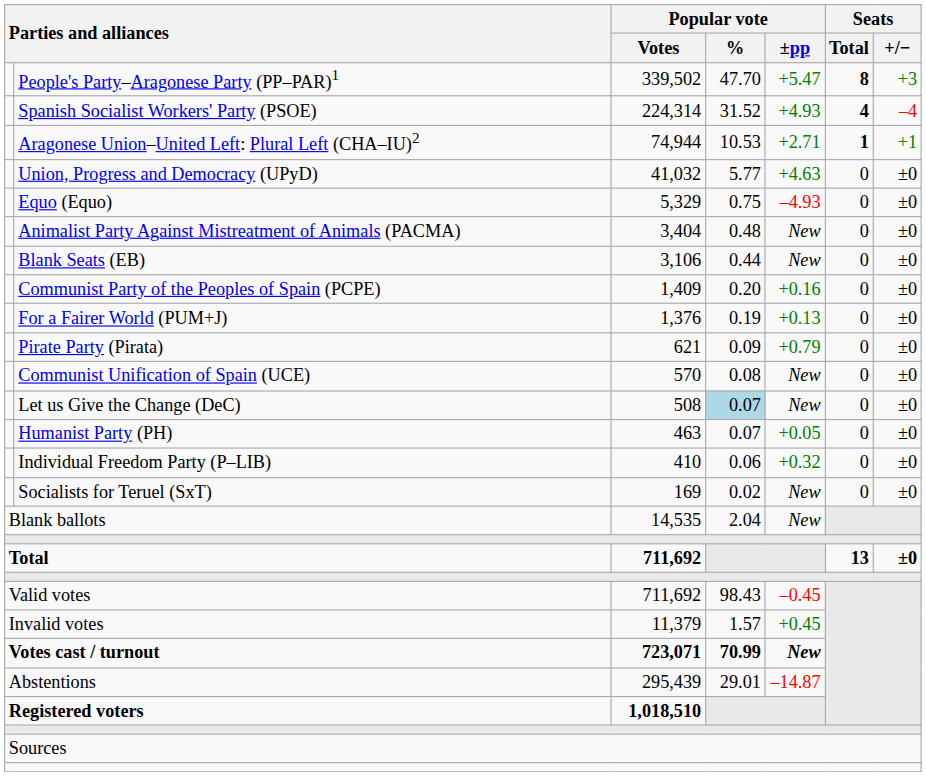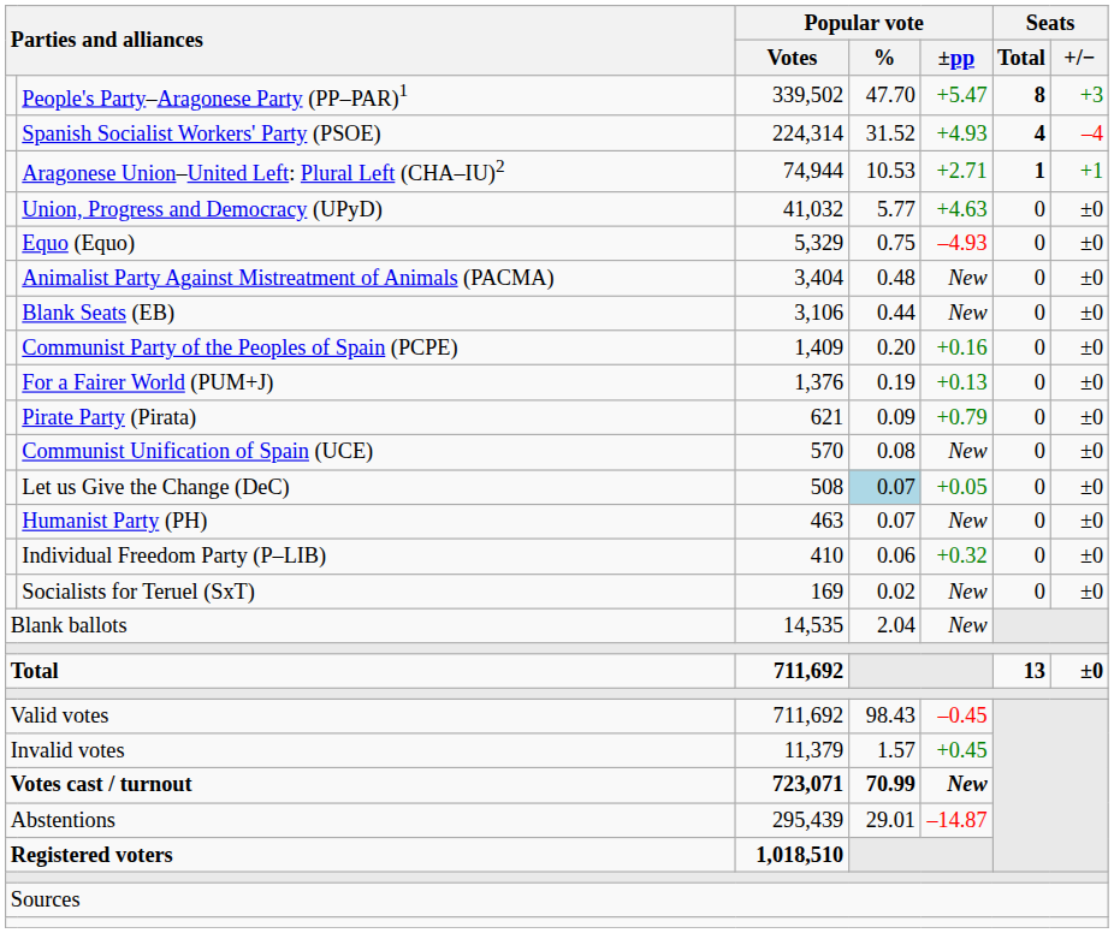 <table class="wikitable" style="text-align:right;">
 <tr>
 <th style="text-align:left;" rowspan="2" colspan="2" width="525">Parties and alliances</th>
 <th colspan="3">Popular vote</th>
 <th colspan="2">Seats</th>
 </tr>
 <tr>
 <th width="75">Votes</th>
 <th width="45">%</th>
 <th width="45">±<a href='#'>pp</a></th>
 <th width="35">Total</th>
 <th width="35">+/−</th>
 </tr>
 <tr>
 <td width="1" style="color:inherit;background:"></td>
 <td align="left"><a href='#'>People's Party</a>–<a href='#'>Aragonese Party</a> (PP–PAR)<sup>1</sup></td>
 <td>339,502</td>
 <td>47.70</td>
 <td style="color:green;">+5.47</td>
 <td><strong>8</strong></td>
 <td style="color:green;">+3</td>
 </tr>
 <tr>
 <td style="color:inherit;background:"></td>
 <td align="left"><a href='#'>Spanish Socialist Workers' Party</a> (PSOE)</td>
 <td>224,314</td>
 <td>31.52</td>
 <td style="color:green;">+4.93</td>
 <td><strong>4</strong></td>
 <td style="color:red;">–4</td>
 </tr>
 <tr>
 <td style="color:inherit;background:"></td>
 <td align="left"><a href='#'>Aragonese Union</a>–<a href='#'>United Left</a>: <a href='#'>Plural Left</a> (CHA–IU)<sup>2</sup></td>
 <td>74,944</td>
 <td>10.53</td>
 <td style="color:green;">+2.71</td>
 <td><strong>1</strong></td>
 <td style="color:green;">+1</td>
 </tr>
 <tr>
 <td style="color:inherit;background:"></td>
 <td align="left"><a href='#'>Union, Progress and Democracy</a> (UPyD)</td>
 <td>41,032</td>
 <td>5.77</td>
 <td style="color:green;">+4.63</td>
 <td>0</td>
 <td>±0</td>
 </tr>
 <tr>
 <td style="color:inherit;background:"></td>
 <td align="left"><a href='#'>Equo</a> (Equo)</td>
 <td>5,329</td>
 <td>0.75</td>
 <td style="color:red;">–4.93</td>
 <td>0</td>
 <td>±0</td>
 </tr>
 <tr>
 <td style="color:inherit;background:"></td>
 <td align="left"><a href='#'>Animalist Party Against Mistreatment of Animals</a> (PACMA)</td>
 <td>3,404</td>
 <td>0.48</td>
 <td><em>New</em></td>
 <td>0</td>
 <td>±0</td>
 </tr>
 <tr>
 <td style="color:inherit;background:"></td>
 <td align="left"><a href='#'>Blank Seats</a> (EB)</td>
 <td>3,106</td>
 <td>0.44</td>
 <td><em>New</em></td>
 <td>0</td>
 <td>±0</td>
 </tr>
 <tr>
 <td style="color:inherit;background:"></td>
 <td align="left"><a href='#'>Communist Party of the Peoples of Spain</a> (PCPE)</td>
 <td>1,409</td>
 <td>0.20</td>
 <td style="color:green;">+0.16</td>
 <td>0</td>
 <td>±0</td>
 </tr>
 <tr>
 <td style="color:inherit;background:"></td>
 <td align="left"><a href='#'>For a Fairer World</a> (PUM+J)</td>
 <td>1,376</td>
 <td>0.19</td>
 <td style="color:green;">+0.13</td>
 <td>0</td>
 <td>±0</td>
 </tr>
 <tr>
 <td style="color:inherit;background:"></td>
 <td align="left"><a href='#'>Pirate Party</a> (Pirata)</td>
 <td>621</td>
 <td>0.09</td>
 <td style="color:green;">+0.79</td>
 <td>0</td>
 <td>±0</td>
 </tr>
 <tr>
 <td style="color:inherit;background:"></td>
 <td align="left"><a href='#'>Communist Unification of Spain</a> (UCE)</td>
 <td>570</td>
 <td>0.08</td>
 <td><em>New</em></td>
 <td>0</td>
 <td>±0</td>
 </tr>
 <tr>
 <td style="color:inherit;background:"></td>
 <td align="left">Let us Give the Change (DeC)</td>
 <td>508</td>
 <td style="background: lightblue;">0.07</td>
-<td><em>New</em></td>
+<td style="color:green;">+0.05</td>
 <td>0</td>
 <td>±0</td>
 </tr>
 <tr>
 <td style="color:inherit;background:"></td>
 <td align="left"><a href='#'>Humanist Party</a> (PH)</td>
 <td>463</td>
 <td>0.07</td>
-<td style="color:green;">+0.05</td>
+<td><em>New</em></td>
 <td>0</td>
 <td>±0</td>
 </tr>
 <tr>
 <td style="color:inherit;background:"></td>
 <td align="left">Individual Freedom Party (P–LIB)</td>
 <td>410</td>
 <td>0.06</td>
 <td style="color:green;">+0.32</td>
 <td>0</td>
 <td>±0</td>
 </tr>
 <tr>
 <td style="color:inherit;background:"></td>
 <td align="left">Socialists for Teruel (SxT)</td>
 <td>169</td>
 <td>0.02</td>
 <td><em>New</em></td>
 <td>0</td>
 <td>±0</td>
 </tr>
 <tr>
 <td align="left" colspan="2">Blank ballots</td>
 <td>14,535</td>
 <td>2.04</td>
 <td><em>New</em></td>
 <td bgcolor="#E9E9E9" colspan="2"></td>
 </tr>
 <tr>
 <td colspan="7" bgcolor="#E9E9E9"></td>
 </tr>
 <tr style="font-weight:bold;">
 <td align="left" colspan="2">Total</td>
 <td>711,692</td>
 <td bgcolor="#E9E9E9" colspan="2"></td>
 <td>13</td>
 <td>±0</td>
 </tr>
 <tr>
 <td colspan="7" bgcolor="#E9E9E9"></td>
 </tr>
 <tr>
 <td align="left" colspan="2">Valid votes</td>
 <td>711,692</td>
 <td>98.43</td>
 <td style="color:red;">–0.45</td>
 <td bgcolor="#E9E9E9" colspan="2" rowspan="5"></td>
 </tr>
 <tr>
 <td align="left" colspan="2">Invalid votes</td>
 <td>11,379</td>
 <td>1.57</td>
 <td style="color:green;">+0.45</td>
 </tr>
 <tr style="font-weight:bold;">
 <td align="left" colspan="2">Votes cast / turnout</td>
 <td>723,071</td>
 <td>70.99</td>
 <td><em>New</em></td>
 </tr>
 <tr>
 <td align="left" colspan="2">Abstentions</td>
 <td>295,439</td>
 <td>29.01</td>
 <td style="color:red;">–14.87</td>
 </tr>
 <tr style="font-weight:bold;">
 <td align="left" colspan="2">Registered voters</td>
 <td>1,018,510</td>
 <td bgcolor="#E9E9E9" colspan="2"></td>
 </tr>
 <tr>
 <td colspan="7" bgcolor="#E9E9E9"></td>
 </tr>
 <tr>
 <td align="left" colspan="7">Sources</td>
 </tr>
 <tr>
 <td colspan="7" style="text-align:left; max-width:790px;"></td>
 </tr>
 </table>
